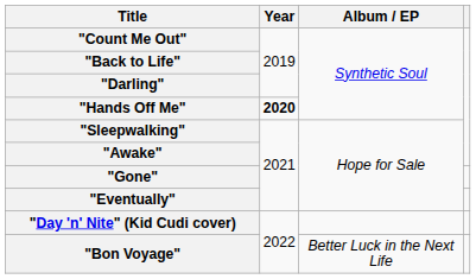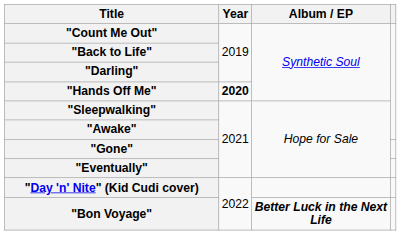 <table class="wikitable plainrowheaders" style="text-align:center;">
 <tr>
 <th scope="col", style="width:275px;">Title</th>
 <th scope="col">Year</th>
 <th scope="col", style="width:175px;">Album / EP</th>
 <th scope="col"></th>
 </tr>
 <tr>
 <th scope="row">"Count Me Out"</th>
 <td rowspan="3">2019</td>
 <td rowspan="4"><em><a href='#'>Synthetic Soul</a></em></td>
 <td rowspan="6"></td>
 </tr>
 <tr>
 <th scope="row">"Back to Life" </th>
 </tr>
 <tr>
 <th scope="row">"Darling"</th>
 </tr>
 <tr>
 <th scope="row">"Hands Off Me"</th>
 <td><strong>2020</strong></td>
 </tr>
 <tr>
 <th scope="row">"Sleepwalking"</th>
 <td rowspan="4">2021</td>
 <td rowspan="4"><em>Hope for Sale</em></td>
 </tr>
 <tr>
 <th scope="row">"Awake" </th>
 </tr>
 <tr>
 <th scope="row">"Gone"</th>
 <td></td>
 </tr>
 <tr>
 <th scope="row">"Eventually"</th>
 <td></td>
 </tr>
 <tr>
 <th scope="row">"<a href='#'>Day 'n' Nite</a>" (Kid Cudi cover)</th>
 <td rowspan="2">2022</td>
 <td></td>
 </tr>
 <tr>
 <th scope="row">"Bon Voyage"</th>
-<td><em>Better Luck in the Next Life</em></td>
+<td><strong><em>Better Luck in the Next Life</em></strong></td>
 <td></td>
 </tr>
 </table>
